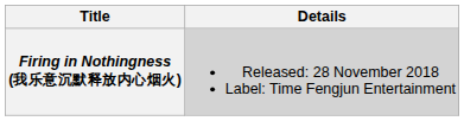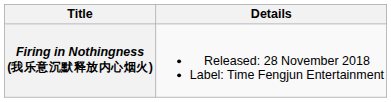 <table class="wikitable plainrowheaders" style="text-align:center;">
 <tr>
 <th scope="col">Title</th>
 <th scope="col">Details</th>
 </tr>
 <tr>
 <th scope="row"><em>Firing in Nothingness</em> <br>(我乐意沉默释放内心烟火)</th>
-<td style="background: lightgrey;"><br><ul><li>Released: 28 November 2018</li><li>Label: Time Fengjun Entertainment</li></ul></td>
+<td><br><ul><li>Released: 28 November 2018</li><li>Label: Time Fengjun Entertainment</li></ul></td>
 </tr>
 </table>
